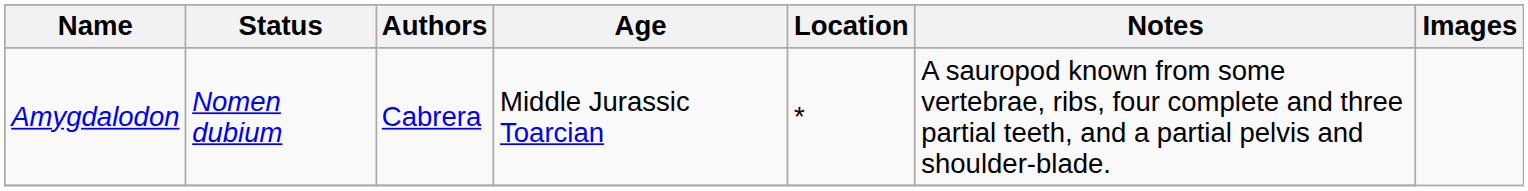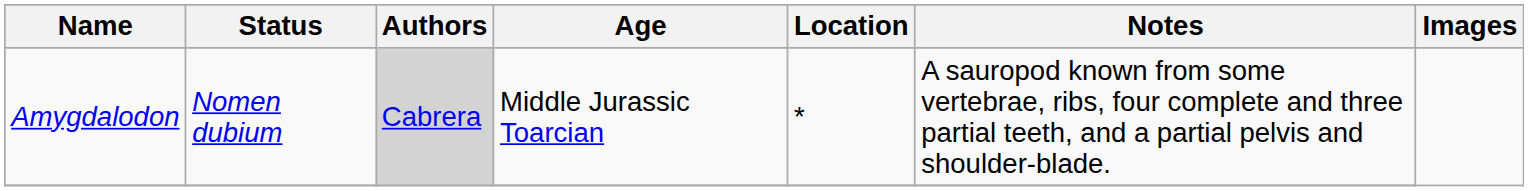 <table class="wikitable sortable" align="center" width="100%">
 <tr>
 <th>Name</th>
 <th>Status</th>
 <th>Authors</th>
 <th>Age</th>
 <th>Location</th>
 <th width="33%" class="unsortable">Notes</th>
 <th class="unsortable">Images</th>
 </tr>
 <tr>
 <td><em><a href='#'>Amygdalodon</a></em></td>
 <td><em><a href='#'>Nomen dubium</a></em></td>
-<td><a href='#'>Cabrera</a></td>
+<td style="background: lightgrey;"><a href='#'>Cabrera</a></td>
 <td>Middle Jurassic <a href='#'>Toarcian</a></td>
 <td>* </td>
 <td>A sauropod known from some vertebrae, ribs, four complete and three partial teeth, and a partial pelvis and shoulder-blade.</td>
 <td rowspan="99"></td>
 </tr>
 <tr>
 </tr>
 </table>
